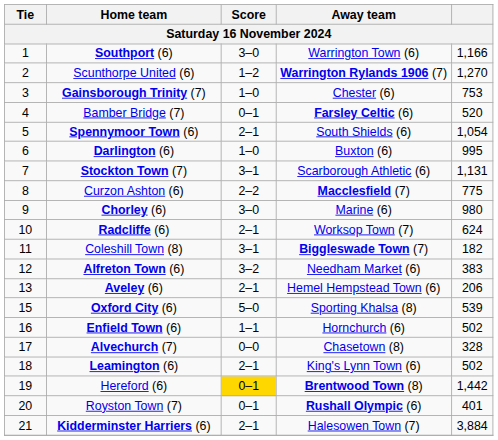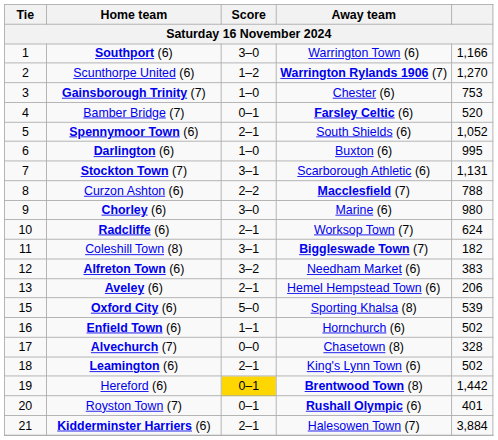 <table class="wikitable" style="text-align:center; font-size:90%">
 <tr>
 <th scope="col" style="width:  8.43%;">Tie</th>
 <th scope="col" style="width: 35.29%;">Home team</th>
 <th scope="col" style="width: 11.00%;">Score</th>
 <th scope="col" style="width: 35.29%;">Away team</th>
 <th scope="col" style="width:  8.43%;"></th>
 </tr>
 <tr>
 <th colspan="5"><strong>Saturday 16 November 2024</strong></th>
 </tr>
 <tr>
 <td>1</td>
 <td><strong><a href='#'>Southport</a></strong> (6)</td>
 <td>3–0</td>
 <td><a href='#'>Warrington Town</a> (6)</td>
 <td>1,166</td>
 </tr>
 <tr>
 <td>2</td>
 <td><a href='#'>Scunthorpe United</a> (6)</td>
 <td>1–2</td>
 <td><strong><a href='#'>Warrington Rylands 1906</a></strong> (7)</td>
 <td>1,270</td>
 </tr>
 <tr>
 <td>3</td>
 <td><strong><a href='#'>Gainsborough Trinity</a></strong> (7)</td>
 <td>1–0</td>
 <td><a href='#'>Chester</a> (6)</td>
 <td>753</td>
 </tr>
 <tr>
 <td>4</td>
 <td><a href='#'>Bamber Bridge</a> (7)</td>
 <td>0–1</td>
 <td><strong><a href='#'>Farsley Celtic</a></strong> (6)</td>
 <td>520</td>
 </tr>
 <tr>
 <td>5</td>
 <td><strong><a href='#'>Spennymoor Town</a></strong> (6)</td>
 <td>2–1</td>
 <td><a href='#'>South Shields</a> (6)</td>
-<td>1,054</td>
+<td>1,052</td>
 </tr>
 <tr>
 <td>6</td>
 <td><strong><a href='#'>Darlington</a></strong> (6)</td>
 <td>1–0</td>
 <td><a href='#'>Buxton</a> (6)</td>
 <td>995</td>
 </tr>
 <tr>
 <td>7</td>
 <td><strong><a href='#'>Stockton Town</a></strong> (7)</td>
 <td>3–1</td>
 <td><a href='#'>Scarborough Athletic</a> (6)</td>
 <td>1,131</td>
 </tr>
 <tr>
 <td>8</td>
 <td><a href='#'>Curzon Ashton</a> (6)</td>
 <td>2–2 </td>
 <td><strong><a href='#'>Macclesfield</a></strong> (7)</td>
-<td>775</td>
+<td>788</td>
 </tr>
 <tr>
 <td>9</td>
 <td><strong><a href='#'>Chorley</a></strong> (6)</td>
 <td>3–0</td>
 <td><a href='#'>Marine</a> (6)</td>
 <td>980</td>
 </tr>
 <tr>
 <td>10</td>
 <td><strong><a href='#'>Radcliffe</a></strong> (6)</td>
 <td>2–1</td>
 <td><a href='#'>Worksop Town</a> (7)</td>
 <td>624</td>
 </tr>
 <tr>
 <td>11</td>
 <td><a href='#'>Coleshill Town</a> (8)</td>
 <td>3–1</td>
 <td><strong><a href='#'>Biggleswade Town</a></strong> (7)</td>
 <td>182</td>
 </tr>
 <tr>
 <td>12</td>
 <td><strong><a href='#'>Alfreton Town</a></strong> (6)</td>
 <td>3–2</td>
 <td><a href='#'>Needham Market</a> (6)</td>
 <td>383</td>
 </tr>
 <tr>
 <td>13</td>
 <td><strong><a href='#'>Aveley</a></strong> (6)</td>
 <td>2–1</td>
 <td><a href='#'>Hemel Hempstead Town</a> (6)</td>
 <td>206</td>
 </tr>
 <tr>
 <td>15</td>
 <td><strong><a href='#'>Oxford City</a></strong> (6)</td>
 <td>5–0</td>
 <td><a href='#'>Sporting Khalsa</a> (8)</td>
 <td>539</td>
 </tr>
 <tr>
 <td>16</td>
 <td><strong><a href='#'>Enfield Town</a></strong> (6)</td>
 <td>1–1 </td>
 <td><a href='#'>Hornchurch</a> (6)</td>
 <td>502</td>
 </tr>
 <tr>
 <td>17</td>
 <td><strong><a href='#'>Alvechurch</a></strong> (7)</td>
 <td>0–0 </td>
 <td><a href='#'>Chasetown</a> (8)</td>
 <td>328</td>
 </tr>
 <tr>
 <td>18</td>
 <td><strong><a href='#'>Leamington</a></strong> (6)</td>
 <td>2–1</td>
 <td><a href='#'>King's Lynn Town</a> (6)</td>
 <td>502</td>
 </tr>
 <tr>
 <td>19</td>
 <td><a href='#'>Hereford</a> (6)</td>
 <td style="background: gold;">0–1</td>
 <td><strong><a href='#'>Brentwood Town</a></strong> (8)</td>
 <td>1,442</td>
 </tr>
 <tr>
 <td>20</td>
 <td><a href='#'>Royston Town</a> (7)</td>
 <td>0–1</td>
 <td><strong><a href='#'>Rushall Olympic</a></strong> (6)</td>
 <td>401</td>
 </tr>
 <tr>
 <td>21</td>
 <td><strong><a href='#'>Kidderminster Harriers</a></strong> (6)</td>
 <td>2–1</td>
 <td><a href='#'>Halesowen Town</a> (7)</td>
 <td>3,884</td>
 </tr>
 <tr>
 </tr>
 </table>
